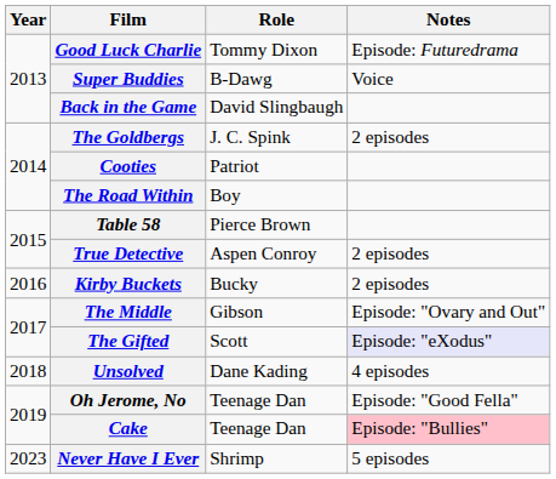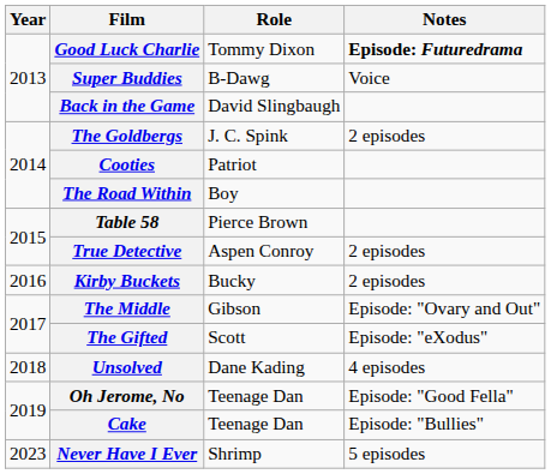 <table class="wikitable sortable plainrowheaders">
 <tr>
 <th scope="col">Year</th>
 <th scope="col">Film</th>
 <th scope="col">Role</th>
 <th scope="col">Notes</th>
 </tr>
 <tr>
 <td rowspan="3">2013</td>
 <th scope="row"><em><a href='#'>Good Luck Charlie</a></em></th>
 <td>Tommy Dixon</td>
-<td>Episode: <em>Futuredrama</em></td>
+<td><strong>Episode: <em>Futuredrama</em></strong></td>
 </tr>
 <tr>
 <th scope="row"><em><a href='#'>Super Buddies</a></em></th>
 <td>B-Dawg</td>
 <td>Voice</td>
 </tr>
 <tr>
 <th scope="row"><em><a href='#'>Back in the Game</a></em></th>
 <td>David Slingbaugh</td>
 <td></td>
 </tr>
 <tr>
 <td rowspan="3">2014</td>
 <th scope="row"><em><a href='#'>The Goldbergs</a></em></th>
 <td>J. C. Spink</td>
 <td>2 episodes</td>
 </tr>
 <tr>
 <th scope="row"><em><a href='#'>Cooties</a></em></th>
 <td>Patriot</td>
 <td></td>
 </tr>
 <tr>
 <th scope="row"><em><a href='#'>The Road Within</a></em></th>
 <td>Boy</td>
 <td></td>
 </tr>
 <tr>
 <td rowspan="2">2015</td>
 <th scope="row"><em>Table 58</em></th>
 <td>Pierce Brown</td>
 <td></td>
 </tr>
 <tr>
 <th scope="row"><em><a href='#'>True Detective</a></em></th>
 <td>Aspen Conroy</td>
 <td>2 episodes</td>
 </tr>
 <tr>
 <td>2016</td>
 <th scope="row"><em><a href='#'>Kirby Buckets</a></em></th>
 <td>Bucky</td>
 <td>2 episodes</td>
 </tr>
 <tr>
 <td rowspan="2">2017</td>
 <th scope="row"><a href='#'><em>The Middle</em></a></th>
 <td>Gibson</td>
 <td>Episode: "Ovary and Out"</td>
 </tr>
 <tr>
 <th scope="row"><a href='#'><em>The Gifted</em></a></th>
 <td>Scott</td>
-<td style="background: lavender;">Episode: "eXodus"</td>
+<td>Episode: "eXodus"</td>
 </tr>
 <tr>
 <td>2018</td>
 <th scope="row"><a href='#'><em>Unsolved</em></a></th>
 <td>Dane Kading</td>
 <td>4 episodes</td>
 </tr>
 <tr>
 <td rowspan="2">2019</td>
 <th scope="row"><em>Oh Jerome, No</em></th>
 <td>Teenage Dan</td>
 <td>Episode: "Good Fella"</td>
 </tr>
 <tr>
 <th scope="row"><a href='#'><em>Cake</em></a></th>
 <td>Teenage Dan</td>
-<td style="background: pink;">Episode: "Bullies"</td>
+<td>Episode: "Bullies"</td>
 </tr>
 <tr>
 <td>2023</td>
 <th scope="row"><em><a href='#'>Never Have I Ever</a></em></th>
 <td>Shrimp</td>
 <td>5 episodes</td>
 </tr>
 </table>
